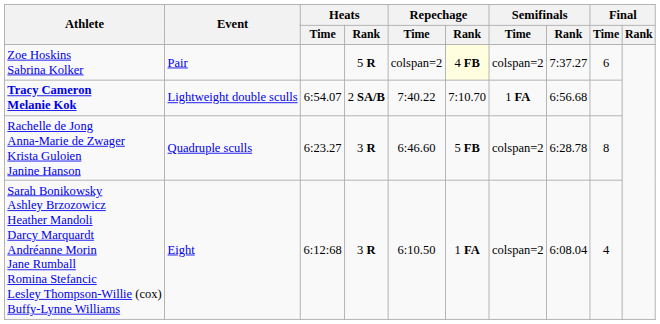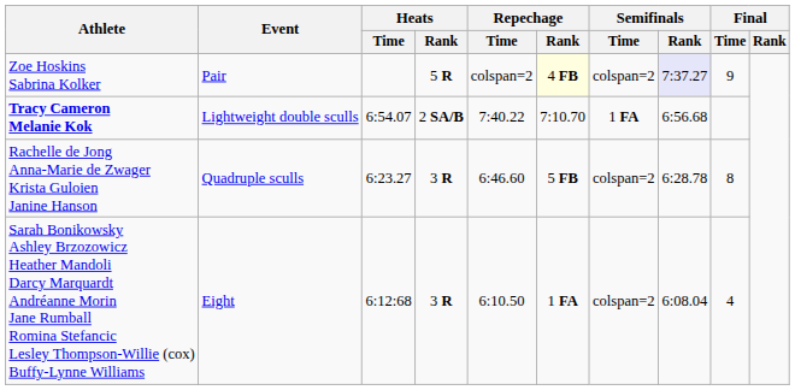 <table class="wikitable" style="font-size:90%">
 <tr>
 <th rowspan="2">Athlete</th>
 <th rowspan="2">Event</th>
 <th colspan="2">Heats</th>
 <th colspan="2">Repechage</th>
 <th colspan="2">Semifinals</th>
 <th colspan="2">Final</th>
 </tr>
 <tr style="font-size:95%">
 <th>Time</th>
 <th>Rank</th>
 <th>Time</th>
 <th>Rank</th>
 <th>Time</th>
 <th>Rank</th>
 <th>Time</th>
 <th>Rank</th>
 </tr>
 <tr align=center>
 <td align=left><a href='#'>Zoe Hoskins</a><br><a href='#'>Sabrina Kolker</a></td>
 <td align=left><a href='#'>Pair</a></td>
 <td></td>
 <td>5 <strong>R</strong></td>
 <td>colspan=2 </td>
 <td style="background: lightyellow;">4 <strong>FB</strong></td>
 <td>colspan=2 </td>
-<td>7:37.27</td>
-<td>6</td>
+<td style="background: lavender;">7:37.27</td>
+<td>9</td>
 </tr>
 <tr align=center>
 <td align=left><strong><a href='#'>Tracy Cameron</a><br><a href='#'>Melanie Kok</a></strong></td>
 <td align=left><a href='#'>Lightweight double sculls</a></td>
 <td>6:54.07</td>
 <td>2 <strong>SA/B</strong></td>
 <td>7:40.22</td>
 <td>7:10.70</td>
 <td>1 <strong>FA</strong></td>
 <td>6:56.68</td>
 <td></td>
 </tr>
 <tr align=center>
 <td align=left><a href='#'>Rachelle de Jong</a><br><a href='#'>Anna-Marie de Zwager</a><br><a href='#'>Krista Guloien</a><br><a href='#'>Janine Hanson</a></td>
 <td align=left><a href='#'>Quadruple sculls</a></td>
 <td>6:23.27</td>
 <td>3 <strong>R</strong></td>
 <td>6:46.60</td>
 <td>5 <strong>FB</strong></td>
 <td>colspan=2 </td>
 <td>6:28.78</td>
 <td>8</td>
 </tr>
 <tr align=center>
 <td align=left><a href='#'>Sarah Bonikowsky</a><br><a href='#'>Ashley Brzozowicz</a><br><a href='#'>Heather Mandoli</a><br><a href='#'>Darcy Marquardt</a><br><a href='#'>Andréanne Morin</a><br><a href='#'>Jane Rumball</a><br><a href='#'>Romina Stefancic</a><br><a href='#'>Lesley Thompson-Willie</a> (cox)<br><a href='#'>Buffy-Lynne Williams</a></td>
 <td align=left><a href='#'>Eight</a></td>
 <td>6:12:68</td>
 <td>3 <strong>R</strong></td>
 <td>6:10.50</td>
 <td>1 <strong>FA</strong></td>
 <td>colspan=2 </td>
 <td>6:08.04</td>
 <td>4</td>
 </tr>
 </table>
